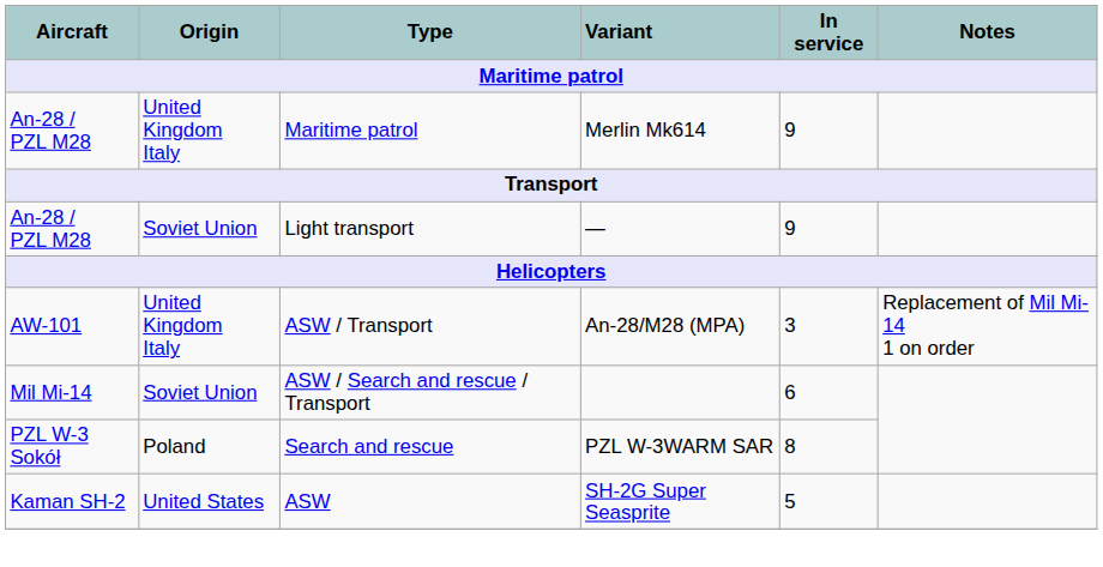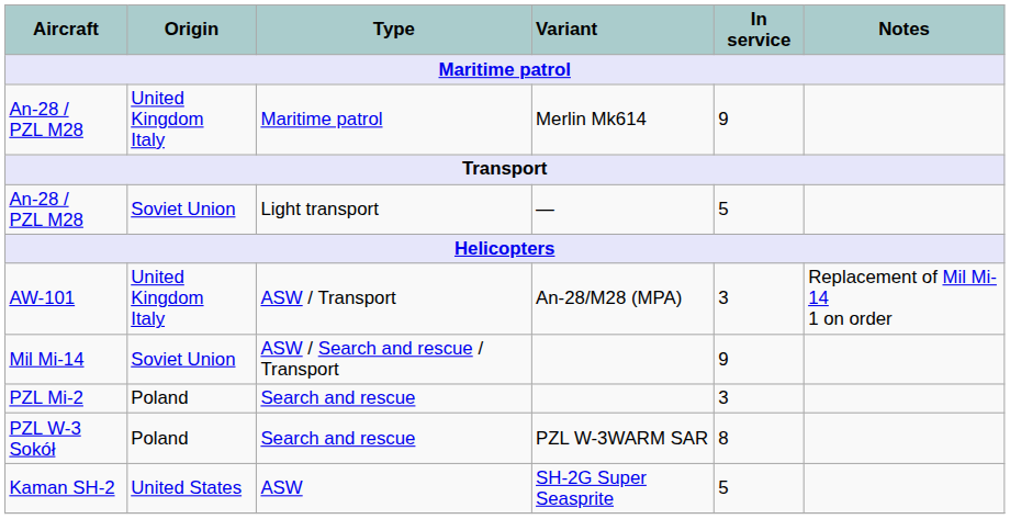 <table class="wikitable">
 <tr>
 <th style="text-align:center; background:#acc;">Aircraft</th>
 <th style="text-align:center; background:#acc;">Origin</th>
 <th style="text-align:center; background:#acc;">Type</th>
 <th style="text-align:left; background:#acc;">Variant</th>
 <th style="text-align:center; background:#acc;">In service</th>
 <th style="text-align:center; background:#acc;">Notes</th>
 </tr>
 <tr>
 <th colspan="6" style="align: center; background: lavender;"><a href='#'>Maritime patrol</a></th>
 </tr>
 <tr>
 <td><a href='#'>An-28 /</a><br><a href='#'>PZL M28</a></td>
 <td><a href='#'>United Kingdom</a><br><a href='#'>Italy</a></td>
 <td><a href='#'>Maritime patrol</a></td>
 <td>Merlin Mk614 </td>
 <td>9</td>
 </tr>
 <tr>
 <th colspan="6" style="align: center; background: lavender;">Transport</th>
 </tr>
 <tr>
 <td><a href='#'>An-28 /</a><br><a href='#'>PZL M28</a></td>
 <td><a href='#'>Soviet Union</a></td>
 <td>Light transport</td>
 <td>—</td>
-<td>9</td>
+<td>5</td>
 </tr>
 <tr>
 <th colspan="6" style="align: center; background: lavender;"><a href='#'>Helicopters</a></th>
 </tr>
 <tr>
 <td><a href='#'>AW-101</a></td>
 <td><a href='#'>United Kingdom</a><br><a href='#'>Italy</a></td>
 <td><a href='#'>ASW</a> / Transport</td>
 <td>An-28/M28 (MPA)</td>
 <td>3</td>
 <td>Replacement of <a href='#'>Mil Mi-14</a><br>1 on order</td>
 </tr>
 <tr>
 <td><a href='#'>Mil Mi-14</a></td>
 <td><a href='#'>Soviet Union</a></td>
 <td><a href='#'>ASW</a> / <a href='#'>Search and rescue</a> / Transport</td>
 <td></td>
-<td>6</td>
+<td>9</td>
+</tr>
+<tr>
+<td><a href='#'>PZL Mi-2</a></td>
+<td>Poland</td>
+<td><a href='#'>Search and rescue</a></td>
+<td></td>
+<td>3</td>
+<td></td>
 </tr>
 <tr>
 <td><a href='#'>PZL W-3 Sokół</a></td>
 <td>Poland</td>
 <td><a href='#'>Search and rescue</a></td>
 <td>PZL W-3WARM SAR</td>
 <td>8</td>
 </tr>
 <tr>
 <td><a href='#'>Kaman SH-2</a></td>
 <td><a href='#'>United States</a></td>
 <td><a href='#'>ASW</a></td>
 <td><a href='#'>SH-2G Super Seasprite</a></td>
 <td>5</td>
 <td></td>
 </tr>
 <tr>
 </tr>
 </table>
